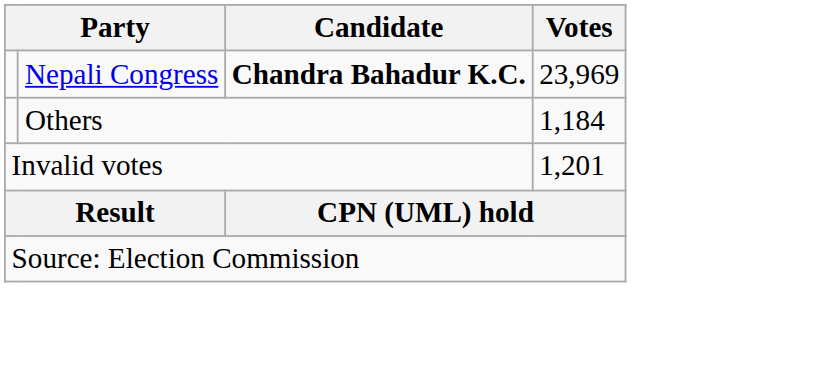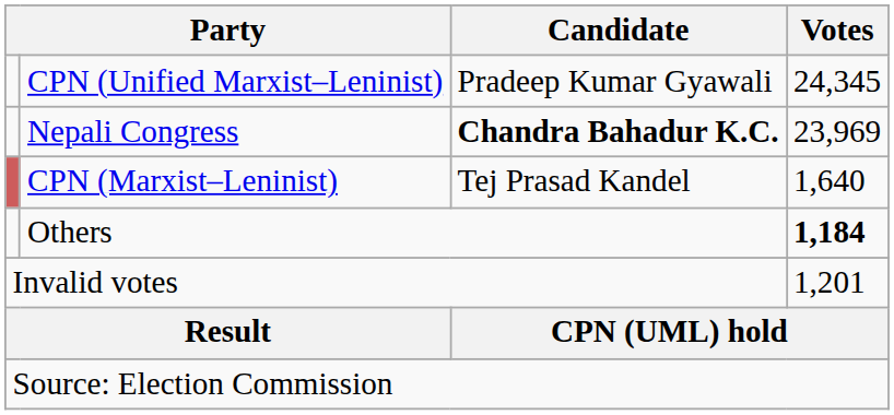 <table class="wikitable">
 <tr>
 <th colspan="2">Party</th>
 <th>Candidate</th>
 <th>Votes</th>
 </tr>
 <tr>
 <td style="background-color:"></td>
+<td><a href='#'>CPN (Unified Marxist–Leninist)</a></td>
+<td>Pradeep Kumar Gyawali</td>
+<td>24,345</td>
+</tr>
+<tr>
+<td style="background-color:"></td>
 <td><a href='#'>Nepali Congress</a></td>
 <td><strong>Chandra Bahadur K.C.</strong></td>
 <td>23,969</td>
 </tr>
 <tr>
+<td style="background-color:indianred"></td>
+<td><a href='#'>CPN (Marxist–Leninist)</a></td>
+<td>Tej Prasad Kandel</td>
+<td>1,640</td>
+</tr>
+<tr>
 <td></td>
 <td colspan="2">Others</td>
-<td>1,184</td>
+<td><strong>1,184</strong></td>
 </tr>
 <tr>
 <td colspan="3">Invalid votes</td>
 <td>1,201</td>
 </tr>
 <tr>
 <th colspan="2">Result</th>
 <th colspan="2">CPN (UML) hold</th>
 </tr>
 <tr>
 <td colspan="4">Source: Election Commission</td>
 </tr>
 </table>
